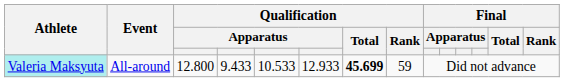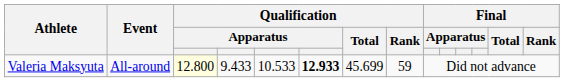 <table class="wikitable" style="font-size:90%">
 <tr>
 <th rowspan=3>Athlete</th>
 <th rowspan=3>Event</th>
 <th colspan=6>Qualification</th>
 <th colspan=6>Final</th>
 </tr>
 <tr style="font-size:95%">
 <th colspan=4>Apparatus</th>
 <th rowspan=2>Total</th>
 <th rowspan=2>Rank</th>
 <th colspan=4>Apparatus</th>
 <th rowspan=2>Total</th>
 <th rowspan=2>Rank</th>
 </tr>
 <tr style="font-size:95%">
 <th></th>
 <th></th>
 <th></th>
 <th></th>
 <th></th>
 <th></th>
 <th></th>
 <th></th>
 </tr>
 <tr align=center>
-<td align=left style="background: paleturquoise;"><a href='#'>Valeria Maksyuta</a></td>
+<td align=left><a href='#'>Valeria Maksyuta</a></td>
 <td align=left><a href='#'>All-around</a></td>
-<td>12.800</td>
+<td style="background: lightyellow;">12.800</td>
 <td>9.433</td>
 <td>10.533</td>
-<td>12.933</td>
-<td><strong>45.699</strong></td>
+<td><strong>12.933</strong></td>
+<td>45.699</td>
 <td>59</td>
 <td colspan = 6>Did not advance</td>
 </tr>
 </table>
